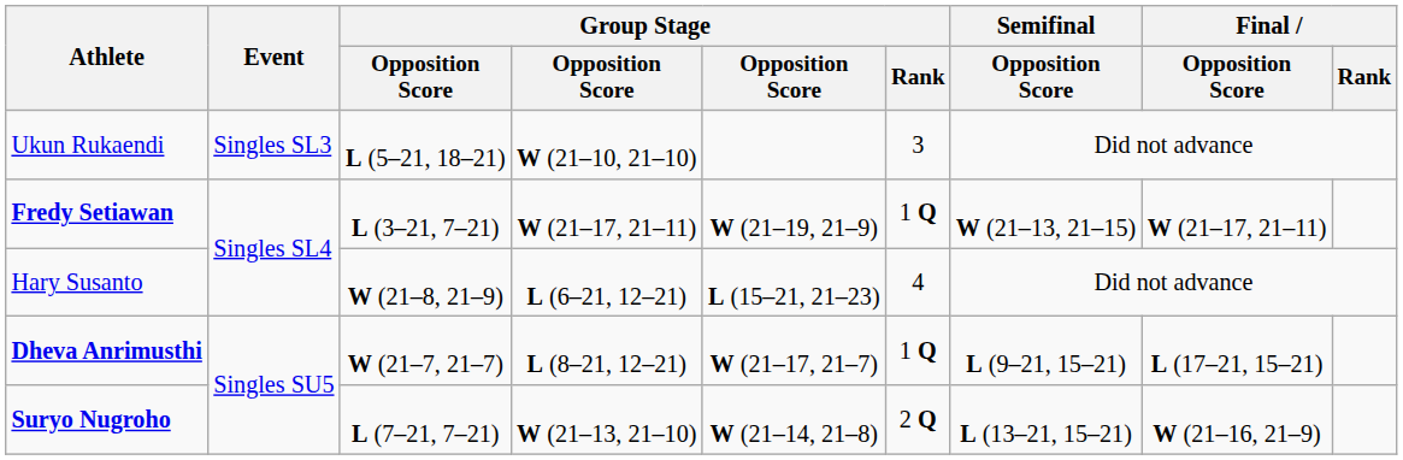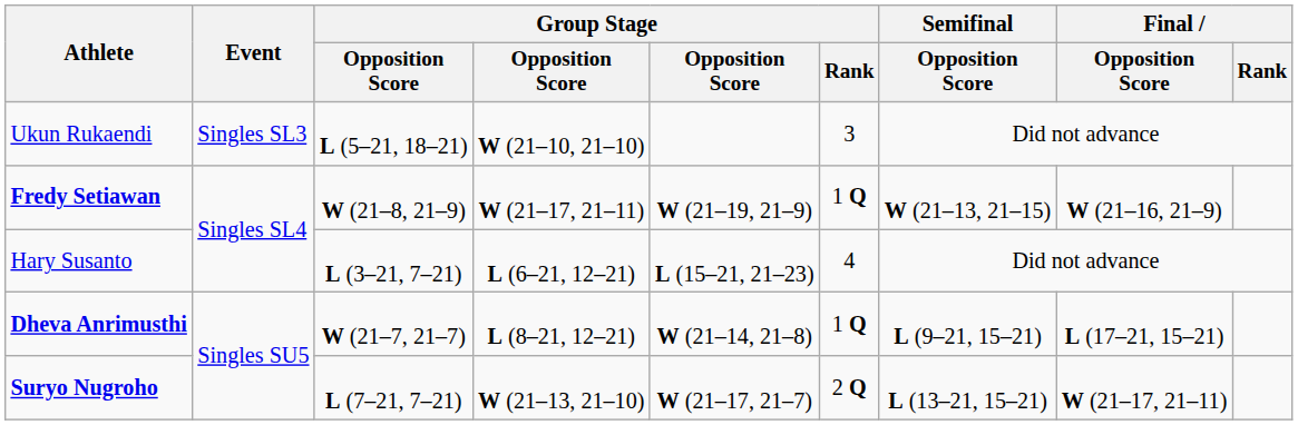 <table class="wikitable" style="font-size:90%; text-align:center">
 <tr>
 <th rowspan="2">Athlete</th>
 <th rowspan="2">Event</th>
 <th colspan="4">Group Stage</th>
 <th>Semifinal</th>
 <th colspan="2">Final / </th>
 </tr>
 <tr style="font-size:95%">
 <th>Opposition<br>Score</th>
 <th>Opposition<br>Score</th>
 <th>Opposition<br>Score</th>
 <th>Rank</th>
 <th>Opposition<br>Score</th>
 <th>Opposition<br>Score</th>
 <th>Rank</th>
 </tr>
 <tr>
 <td align="left"><a href='#'>Ukun Rukaendi</a></td>
 <td align="left"><a href='#'>Singles SL3</a></td>
 <td><br><strong>L</strong> (5–21, 18–21)</td>
 <td><br><strong>W</strong> (21–10, 21–10)</td>
 <td></td>
 <td>3</td>
 <td colspan="3">Did not advance</td>
 </tr>
 <tr>
 <td align="left"><strong><a href='#'>Fredy Setiawan</a></strong></td>
 <td align="left" rowspan="2"><a href='#'>Singles SL4</a></td>
-<td><br> <strong>L</strong> (3–21, 7–21)</td>
+<td><br><strong>W</strong> (21–8, 21–9)</td>
 <td><br><strong>W</strong> (21–17, 21–11)</td>
 <td><br><strong>W</strong> (21–19, 21–9)</td>
 <td>1 <strong>Q</strong></td>
 <td><br><strong>W</strong> (21–13, 21–15)</td>
-<td><br><strong>W</strong> (21–17, 21–11)</td>
+<td><br><strong>W</strong> (21–16, 21–9)</td>
 <td></td>
 </tr>
 <tr>
 <td align="left"><a href='#'>Hary Susanto</a></td>
-<td><br><strong>W</strong> (21–8, 21–9)</td>
+<td><br> <strong>L</strong> (3–21, 7–21)</td>
 <td><br> <strong>L</strong> (6–21, 12–21)</td>
 <td><br> <strong>L</strong> (15–21, 21–23)</td>
 <td>4</td>
 <td colspan="3">Did not advance</td>
 </tr>
 <tr>
 <td align="left"><strong><a href='#'>Dheva Anrimusthi</a></strong></td>
 <td align="left" rowspan="2"><a href='#'>Singles SU5</a></td>
 <td><br> <strong>W</strong> (21–7, 21–7)</td>
 <td><br><strong>L</strong> (8–21, 12–21)</td>
-<td><br><strong>W</strong> (21–17, 21–7)</td>
+<td><br><strong>W</strong> (21–14, 21–8)</td>
 <td>1 <strong>Q</strong></td>
 <td><br><strong>L</strong> (9–21, 15–21)</td>
 <td><br><strong>L</strong> (17–21, 15–21)</td>
 <td></td>
 </tr>
 <tr>
 <td align="left"><strong><a href='#'>Suryo Nugroho</a></strong></td>
 <td><br> <strong>L</strong> (7–21, 7–21)</td>
 <td><br><strong>W</strong> (21–13, 21–10)</td>
-<td><br><strong>W</strong> (21–14, 21–8)</td>
+<td><br><strong>W</strong> (21–17, 21–7)</td>
 <td>2 <strong>Q</strong></td>
 <td><br> <strong>L</strong> (13–21, 15–21)</td>
-<td><br><strong>W</strong> (21–16, 21–9)</td>
+<td><br><strong>W</strong> (21–17, 21–11)</td>
 <td></td>
 </tr>
 </table>
